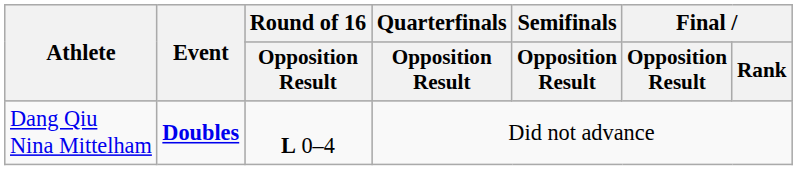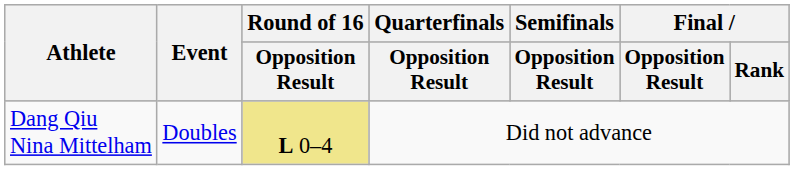 <table class="wikitable" style="font-size:90%;">
 <tr>
 <th rowspan=2>Athlete</th>
 <th rowspan=2>Event</th>
 <th>Round of 16</th>
 <th>Quarterfinals</th>
 <th>Semifinals</th>
 <th colspan=2>Final / </th>
 </tr>
 <tr style="font-size:95%">
 <th>Opposition<br>Result</th>
 <th>Opposition<br>Result</th>
 <th>Opposition<br>Result</th>
 <th>Opposition<br>Result</th>
 <th>Rank</th>
 </tr>
 <tr align=center>
 <td align=left><a href='#'>Dang Qiu</a><br><a href='#'>Nina Mittelham</a></td>
-<td align=left><strong><a href='#'>Doubles</a></strong></td>
-<td><br><strong>L</strong> 0–4</td>
+<td align=left><a href='#'>Doubles</a></td>
+<td style="background: khaki;"><br><strong>L</strong> 0–4</td>
 <td colspan=4>Did not advance</td>
 </tr>
 </table>
